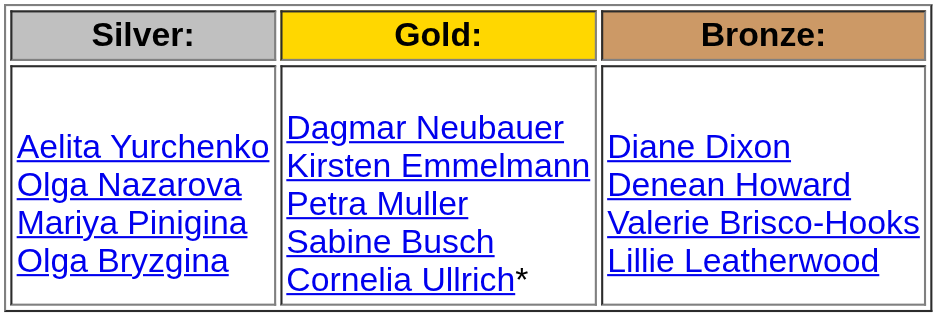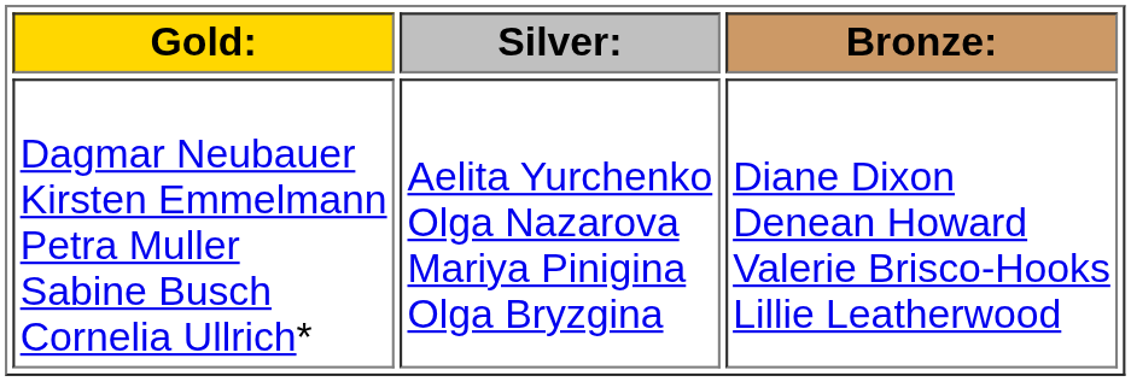 <table border="1" Cellpadding="2">
 <tr>
+<td style="text-align:center;background-color:gold;"><strong>Gold:</strong></td>
 <td style="text-align:center;background-color:silver;"><strong>Silver:</strong></td>
-<td style="text-align:center;background-color:gold;"><strong>Gold:</strong></td>
 <td style="text-align:center;background-color:#CC9966;"><strong>Bronze:</strong></td>
 </tr>
 <tr>
+<td><br><a href='#'>Dagmar Neubauer</a><br><a href='#'>Kirsten Emmelmann</a><br><a href='#'>Petra Muller</a><br><a href='#'>Sabine Busch</a><br><a href='#'>Cornelia Ullrich</a>*</td>
 <td><br><a href='#'>Aelita Yurchenko</a><br><a href='#'>Olga Nazarova</a><br><a href='#'>Mariya Pinigina</a><br><a href='#'>Olga Bryzgina</a></td>
-<td><br><a href='#'>Dagmar Neubauer</a><br><a href='#'>Kirsten Emmelmann</a><br><a href='#'>Petra Muller</a><br><a href='#'>Sabine Busch</a><br><a href='#'>Cornelia Ullrich</a>*</td>
 <td><br><a href='#'>Diane Dixon</a><br><a href='#'>Denean Howard</a><br><a href='#'>Valerie Brisco-Hooks</a><br><a href='#'>Lillie Leatherwood</a></td>
 </tr>
 </table>
